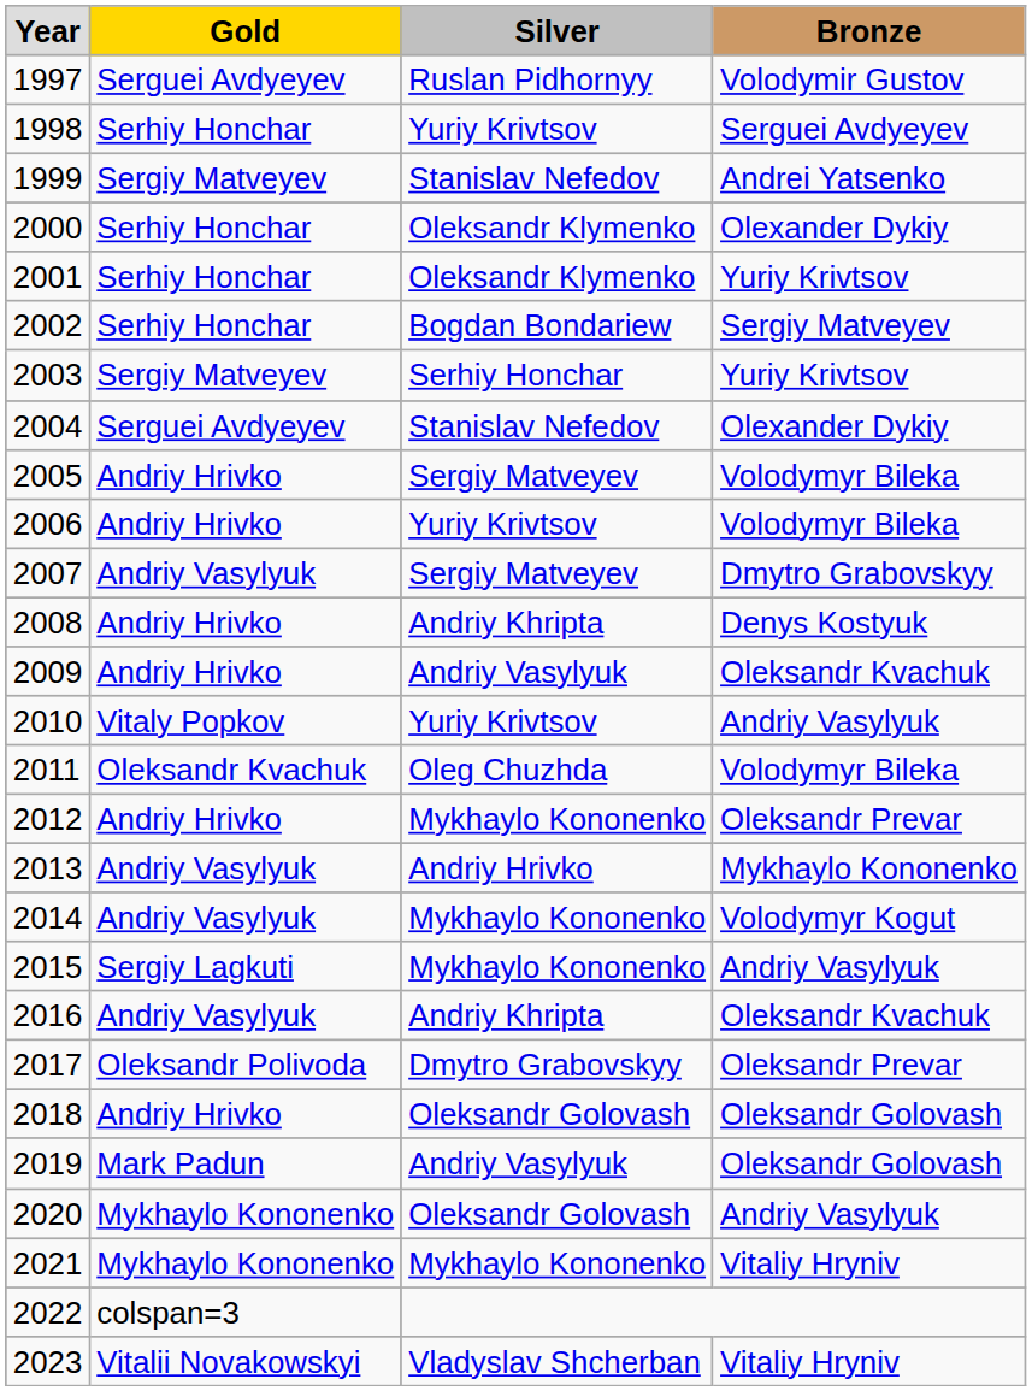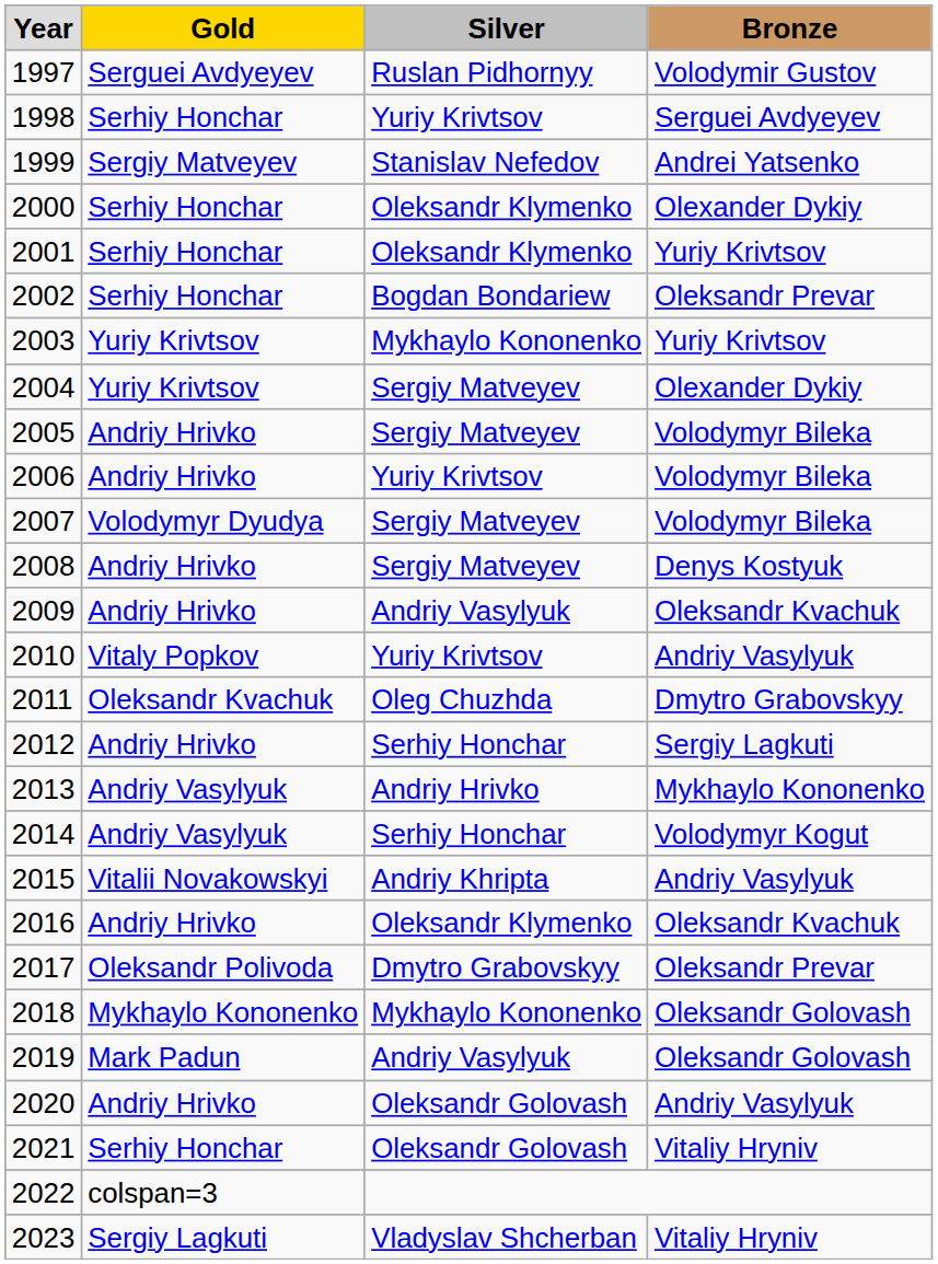 <table class="wikitable sortable alternance" style="font-size:95%">
 <tr>
 <td style="background:#DDDDDD; font-weight:bold; text-align:center;">Year</td>
 <td style="background:gold; font-weight:bold; text-align:center;">Gold</td>
 <td style="background:silver; font-weight:bold; text-align:center;">Silver</td>
 <td style="background:#cc9966; font-weight:bold; text-align:center;">Bronze</td>
 </tr>
 <tr>
 <td>1997</td>
 <td><a href='#'>Serguei Avdyeyev</a></td>
 <td><a href='#'>Ruslan Pidhornyy</a></td>
 <td><a href='#'>Volodymir Gustov</a></td>
 </tr>
 <tr>
 <td>1998</td>
 <td><a href='#'>Serhiy Honchar</a></td>
 <td><a href='#'>Yuriy Krivtsov</a></td>
 <td><a href='#'>Serguei Avdyeyev</a></td>
 </tr>
 <tr>
 <td>1999</td>
 <td><a href='#'>Sergiy Matveyev</a></td>
 <td><a href='#'>Stanislav Nefedov</a></td>
 <td><a href='#'>Andrei Yatsenko</a></td>
 </tr>
 <tr>
 <td>2000</td>
 <td><a href='#'>Serhiy Honchar</a></td>
 <td><a href='#'>Oleksandr Klymenko</a></td>
 <td><a href='#'>Olexander Dykiy</a></td>
 </tr>
 <tr>
 <td>2001</td>
 <td><a href='#'>Serhiy Honchar</a></td>
 <td><a href='#'>Oleksandr Klymenko</a></td>
 <td><a href='#'>Yuriy Krivtsov</a></td>
 </tr>
 <tr>
 <td>2002</td>
 <td><a href='#'>Serhiy Honchar</a></td>
 <td><a href='#'>Bogdan Bondariew</a></td>
-<td><a href='#'>Sergiy Matveyev</a></td>
+<td><a href='#'>Oleksandr Prevar</a></td>
 </tr>
 <tr>
 <td>2003</td>
-<td><a href='#'>Sergiy Matveyev</a></td>
-<td><a href='#'>Serhiy Honchar</a></td>
+<td><a href='#'>Yuriy Krivtsov</a></td>
+<td><a href='#'>Mykhaylo Kononenko</a></td>
 <td><a href='#'>Yuriy Krivtsov</a></td>
 </tr>
 <tr>
 <td>2004</td>
-<td><a href='#'>Serguei Avdyeyev</a></td>
-<td><a href='#'>Stanislav Nefedov</a></td>
+<td><a href='#'>Yuriy Krivtsov</a></td>
+<td><a href='#'>Sergiy Matveyev</a></td>
 <td><a href='#'>Olexander Dykiy</a></td>
 </tr>
 <tr>
 <td>2005</td>
 <td><a href='#'>Andriy Hrivko</a></td>
 <td><a href='#'>Sergiy Matveyev</a></td>
 <td><a href='#'>Volodymyr Bileka</a></td>
 </tr>
 <tr>
 <td>2006</td>
 <td><a href='#'>Andriy Hrivko</a></td>
 <td><a href='#'>Yuriy Krivtsov</a></td>
 <td><a href='#'>Volodymyr Bileka</a></td>
 </tr>
 <tr>
 <td>2007</td>
-<td><a href='#'>Andriy Vasylyuk</a></td>
+<td><a href='#'>Volodymyr Dyudya</a></td>
 <td><a href='#'>Sergiy Matveyev</a></td>
-<td><a href='#'>Dmytro Grabovskyy</a></td>
+<td><a href='#'>Volodymyr Bileka</a></td>
 </tr>
 <tr>
 <td>2008</td>
 <td><a href='#'>Andriy Hrivko</a></td>
-<td><a href='#'>Andriy Khripta</a></td>
+<td><a href='#'>Sergiy Matveyev</a></td>
 <td><a href='#'>Denys Kostyuk</a></td>
 </tr>
 <tr>
 <td>2009</td>
 <td><a href='#'>Andriy Hrivko</a></td>
 <td><a href='#'>Andriy Vasylyuk</a></td>
 <td><a href='#'>Oleksandr Kvachuk</a></td>
 </tr>
 <tr>
 <td>2010</td>
 <td><a href='#'>Vitaly Popkov</a></td>
 <td><a href='#'>Yuriy Krivtsov</a></td>
 <td><a href='#'>Andriy Vasylyuk</a></td>
 </tr>
 <tr>
 <td>2011</td>
 <td><a href='#'>Oleksandr Kvachuk</a></td>
 <td><a href='#'>Oleg Chuzhda</a></td>
-<td><a href='#'>Volodymyr Bileka</a></td>
+<td><a href='#'>Dmytro Grabovskyy</a></td>
 </tr>
 <tr>
 <td>2012</td>
 <td><a href='#'>Andriy Hrivko</a></td>
-<td><a href='#'>Mykhaylo Kononenko</a></td>
-<td><a href='#'>Oleksandr Prevar</a></td>
+<td><a href='#'>Serhiy Honchar</a></td>
+<td><a href='#'>Sergiy Lagkuti</a></td>
 </tr>
 <tr>
 <td>2013</td>
 <td><a href='#'>Andriy Vasylyuk</a></td>
 <td><a href='#'>Andriy Hrivko</a></td>
 <td><a href='#'>Mykhaylo Kononenko</a></td>
 </tr>
 <tr>
 <td>2014</td>
 <td><a href='#'>Andriy Vasylyuk</a></td>
-<td><a href='#'>Mykhaylo Kononenko</a></td>
+<td><a href='#'>Serhiy Honchar</a></td>
 <td><a href='#'>Volodymyr Kogut</a></td>
 </tr>
 <tr>
 <td>2015</td>
-<td><a href='#'>Sergiy Lagkuti</a></td>
-<td><a href='#'>Mykhaylo Kononenko</a></td>
+<td><a href='#'>Vitalii Novakowskyi</a></td>
+<td><a href='#'>Andriy Khripta</a></td>
 <td><a href='#'>Andriy Vasylyuk</a></td>
 </tr>
 <tr>
 <td>2016</td>
-<td><a href='#'>Andriy Vasylyuk</a></td>
-<td><a href='#'>Andriy Khripta</a></td>
+<td><a href='#'>Andriy Hrivko</a></td>
+<td><a href='#'>Oleksandr Klymenko</a></td>
 <td><a href='#'>Oleksandr Kvachuk</a></td>
 </tr>
 <tr>
 <td>2017</td>
 <td><a href='#'>Oleksandr Polivoda</a></td>
 <td><a href='#'>Dmytro Grabovskyy</a></td>
 <td><a href='#'>Oleksandr Prevar</a></td>
 </tr>
 <tr>
 <td>2018</td>
-<td><a href='#'>Andriy Hrivko</a></td>
-<td><a href='#'>Oleksandr Golovash</a></td>
+<td><a href='#'>Mykhaylo Kononenko</a></td>
+<td><a href='#'>Mykhaylo Kononenko</a></td>
 <td><a href='#'>Oleksandr Golovash</a></td>
 </tr>
 <tr>
 <td>2019</td>
 <td><a href='#'>Mark Padun</a></td>
 <td><a href='#'>Andriy Vasylyuk</a></td>
 <td><a href='#'>Oleksandr Golovash</a></td>
 </tr>
 <tr>
 <td>2020</td>
-<td><a href='#'>Mykhaylo Kononenko</a></td>
+<td><a href='#'>Andriy Hrivko</a></td>
 <td><a href='#'>Oleksandr Golovash</a></td>
 <td><a href='#'>Andriy Vasylyuk</a></td>
 </tr>
 <tr>
 <td>2021</td>
-<td><a href='#'>Mykhaylo Kononenko</a></td>
-<td><a href='#'>Mykhaylo Kononenko</a></td>
+<td><a href='#'>Serhiy Honchar</a></td>
+<td><a href='#'>Oleksandr Golovash</a></td>
 <td><a href='#'>Vitaliy Hryniv</a></td>
 </tr>
 <tr>
 <td>2022</td>
 <td>colspan=3 </td>
 </tr>
 <tr>
 <td>2023</td>
-<td><a href='#'>Vitalii Novakowskyi</a></td>
+<td><a href='#'>Sergiy Lagkuti</a></td>
 <td><a href='#'>Vladyslav Shcherban</a></td>
 <td><a href='#'>Vitaliy Hryniv</a></td>
 </tr>
 </table>
